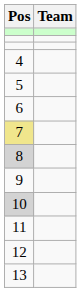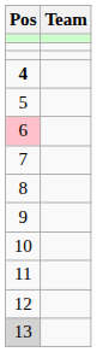 <table class="wikitable">
 <tr>
 <th>Pos</th>
 <th>Team</th>
 </tr>
 <tr bgcolor="#ccffcc">
 <td align="center"></td>
 <td></td>
 </tr>
 <tr>
 <td align="center"></td>
 <td></td>
 </tr>
 <tr>
 <td align="center"></td>
 <td></td>
 </tr>
 <tr>
-<td align="center">4</td>
+<td align="center"><strong>4</strong></td>
 <td></td>
 </tr>
 <tr>
 <td align="center">5</td>
 <td></td>
 </tr>
 <tr>
-<td align="center">6</td>
+<td align="center" style="background: pink;">6</td>
 <td></td>
 </tr>
 <tr>
-<td align="center" style="background: khaki;">7</td>
+<td align="center">7</td>
 <td></td>
 </tr>
 <tr>
-<td align="center" style="background: lightgrey;">8</td>
+<td align="center">8</td>
 <td></td>
 </tr>
 <tr>
 <td align="center">9</td>
 <td></td>
 </tr>
 <tr>
-<td align="center" style="background: lightgrey;">10</td>
+<td align="center">10</td>
 <td></td>
 </tr>
 <tr>
 <td align="center">11</td>
 <td></td>
 </tr>
 <tr>
 <td align="center">12</td>
 <td></td>
 </tr>
 <tr>
-<td align="center">13</td>
+<td align="center" style="background: lightgrey;">13</td>
 <td></td>
 </tr>
 </table>
